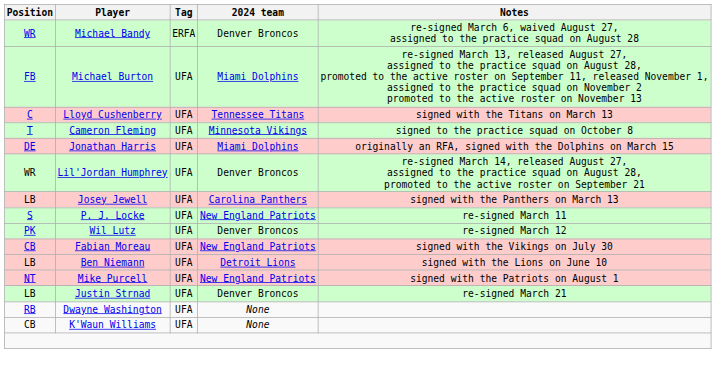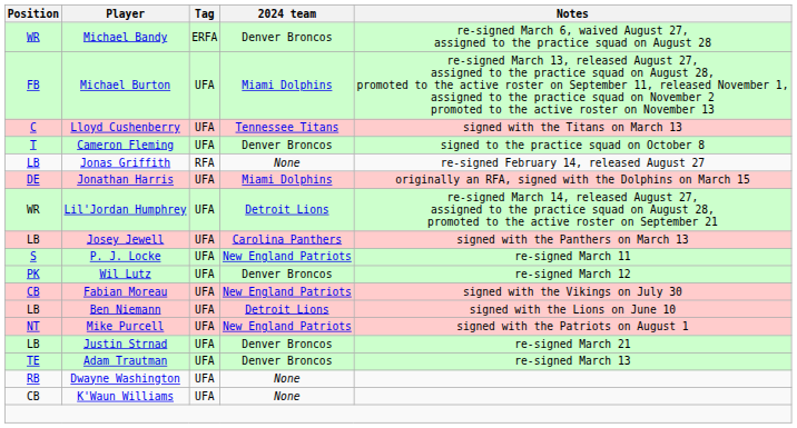 <table class="wikitable" style="text-align:center">
 <tr>
 <th>Position</th>
 <th>Player</th>
 <th>Tag</th>
 <th>2024 team</th>
 <th>Notes</th>
 </tr>
 <tr style="background:#cfc">
 <td><a href='#'>WR</a></td>
 <td><a href='#'>Michael Bandy</a></td>
 <td>ERFA</td>
 <td>Denver Broncos</td>
 <td>re-signed March 6, waived August 27,<br>assigned to the practice squad on August 28</td>
 </tr>
 <tr style="background:#cfc">
 <td><a href='#'>FB</a></td>
 <td><a href='#'>Michael Burton</a></td>
 <td>UFA</td>
 <td><a href='#'>Miami Dolphins</a></td>
 <td>re-signed March 13, released August 27,<br>assigned to the practice squad on August 28,<br>promoted to the active roster on September 11, released November 1,<br>assigned to the practice squad on November 2<br>promoted to the active roster on November 13</td>
 </tr>
 <tr style="background:#fcc">
 <td><a href='#'>C</a></td>
 <td><a href='#'>Lloyd Cushenberry</a></td>
 <td>UFA</td>
 <td><a href='#'>Tennessee Titans</a></td>
 <td>signed with the Titans on March 13</td>
 </tr>
 <tr style="background:#cfc">
 <td><a href='#'>T</a></td>
 <td><a href='#'>Cameron Fleming</a></td>
 <td>UFA</td>
-<td><a href='#'>Minnesota Vikings</a></td>
+<td>Denver Broncos</td>
 <td>signed to the practice squad on October 8</td>
+</tr>
+<tr style="background:#">
+<td><a href='#'>LB</a></td>
+<td><a href='#'>Jonas Griffith</a></td>
+<td>RFA</td>
+<td><em>None</em></td>
+<td>re-signed February 14, released August 27</td>
 </tr>
 <tr style="background:#fcc">
 <td><a href='#'>DE</a></td>
 <td><a href='#'>Jonathan Harris</a></td>
 <td>UFA</td>
 <td><a href='#'>Miami Dolphins</a></td>
 <td>originally an RFA, signed with the Dolphins on March 15</td>
 </tr>
 <tr style="background:#cfc">
 <td>WR</td>
 <td><a href='#'>Lil'Jordan Humphrey</a></td>
 <td>UFA</td>
-<td>Denver Broncos</td>
+<td><a href='#'>Detroit Lions</a></td>
 <td>re-signed March 14, released August 27,<br>assigned to the practice squad on August 28,<br>promoted to the active roster on September 21</td>
 </tr>
 <tr style="background:#fcc">
 <td>LB</td>
 <td><a href='#'>Josey Jewell</a></td>
 <td>UFA</td>
 <td><a href='#'>Carolina Panthers</a></td>
 <td>signed with the Panthers on March 13</td>
 </tr>
 <tr style="background:#cfc">
 <td><a href='#'>S</a></td>
 <td><a href='#'>P. J. Locke</a></td>
 <td>UFA</td>
 <td><a href='#'>New England Patriots</a></td>
 <td>re-signed March 11</td>
 </tr>
 <tr style="background:#cfc">
 <td><a href='#'>PK</a></td>
 <td><a href='#'>Wil Lutz</a></td>
 <td>UFA</td>
 <td>Denver Broncos</td>
 <td>re-signed March 12</td>
 </tr>
 <tr style="background:#fcc">
 <td><a href='#'>CB</a></td>
 <td><a href='#'>Fabian Moreau</a></td>
 <td>UFA</td>
 <td><a href='#'>New England Patriots</a></td>
 <td>signed with the Vikings on July 30</td>
 </tr>
 <tr style="background:#fcc">
 <td>LB</td>
 <td><a href='#'>Ben Niemann</a></td>
 <td>UFA</td>
 <td><a href='#'>Detroit Lions</a></td>
 <td>signed with the Lions on June 10</td>
 </tr>
 <tr style="background:#fcc">
 <td><a href='#'>NT</a></td>
 <td><a href='#'>Mike Purcell</a></td>
 <td>UFA</td>
 <td><a href='#'>New England Patriots</a></td>
 <td>signed with the Patriots on August 1</td>
 </tr>
 <tr style="background:#cfc">
 <td>LB</td>
 <td><a href='#'>Justin Strnad</a></td>
 <td>UFA</td>
 <td>Denver Broncos</td>
 <td>re-signed March 21</td>
 </tr>
+<tr style="background:#cfc">
+<td><a href='#'>TE</a></td>
+<td><a href='#'>Adam Trautman</a></td>
+<td>UFA</td>
+<td>Denver Broncos</td>
+<td>re-signed March 13</td>
+</tr>
 <tr style="background:#">
 <td><a href='#'>RB</a></td>
 <td><a href='#'>Dwayne Washington</a></td>
 <td>UFA</td>
 <td><em>None</em></td>
 <td></td>
 </tr>
 <tr style="background:#">
 <td>CB</td>
 <td><a href='#'>K'Waun Williams</a></td>
 <td>UFA</td>
 <td><em>None</em></td>
 <td></td>
 </tr>
 <tr>
 <td colspan=5><br></td>
 </tr>
 </table>
